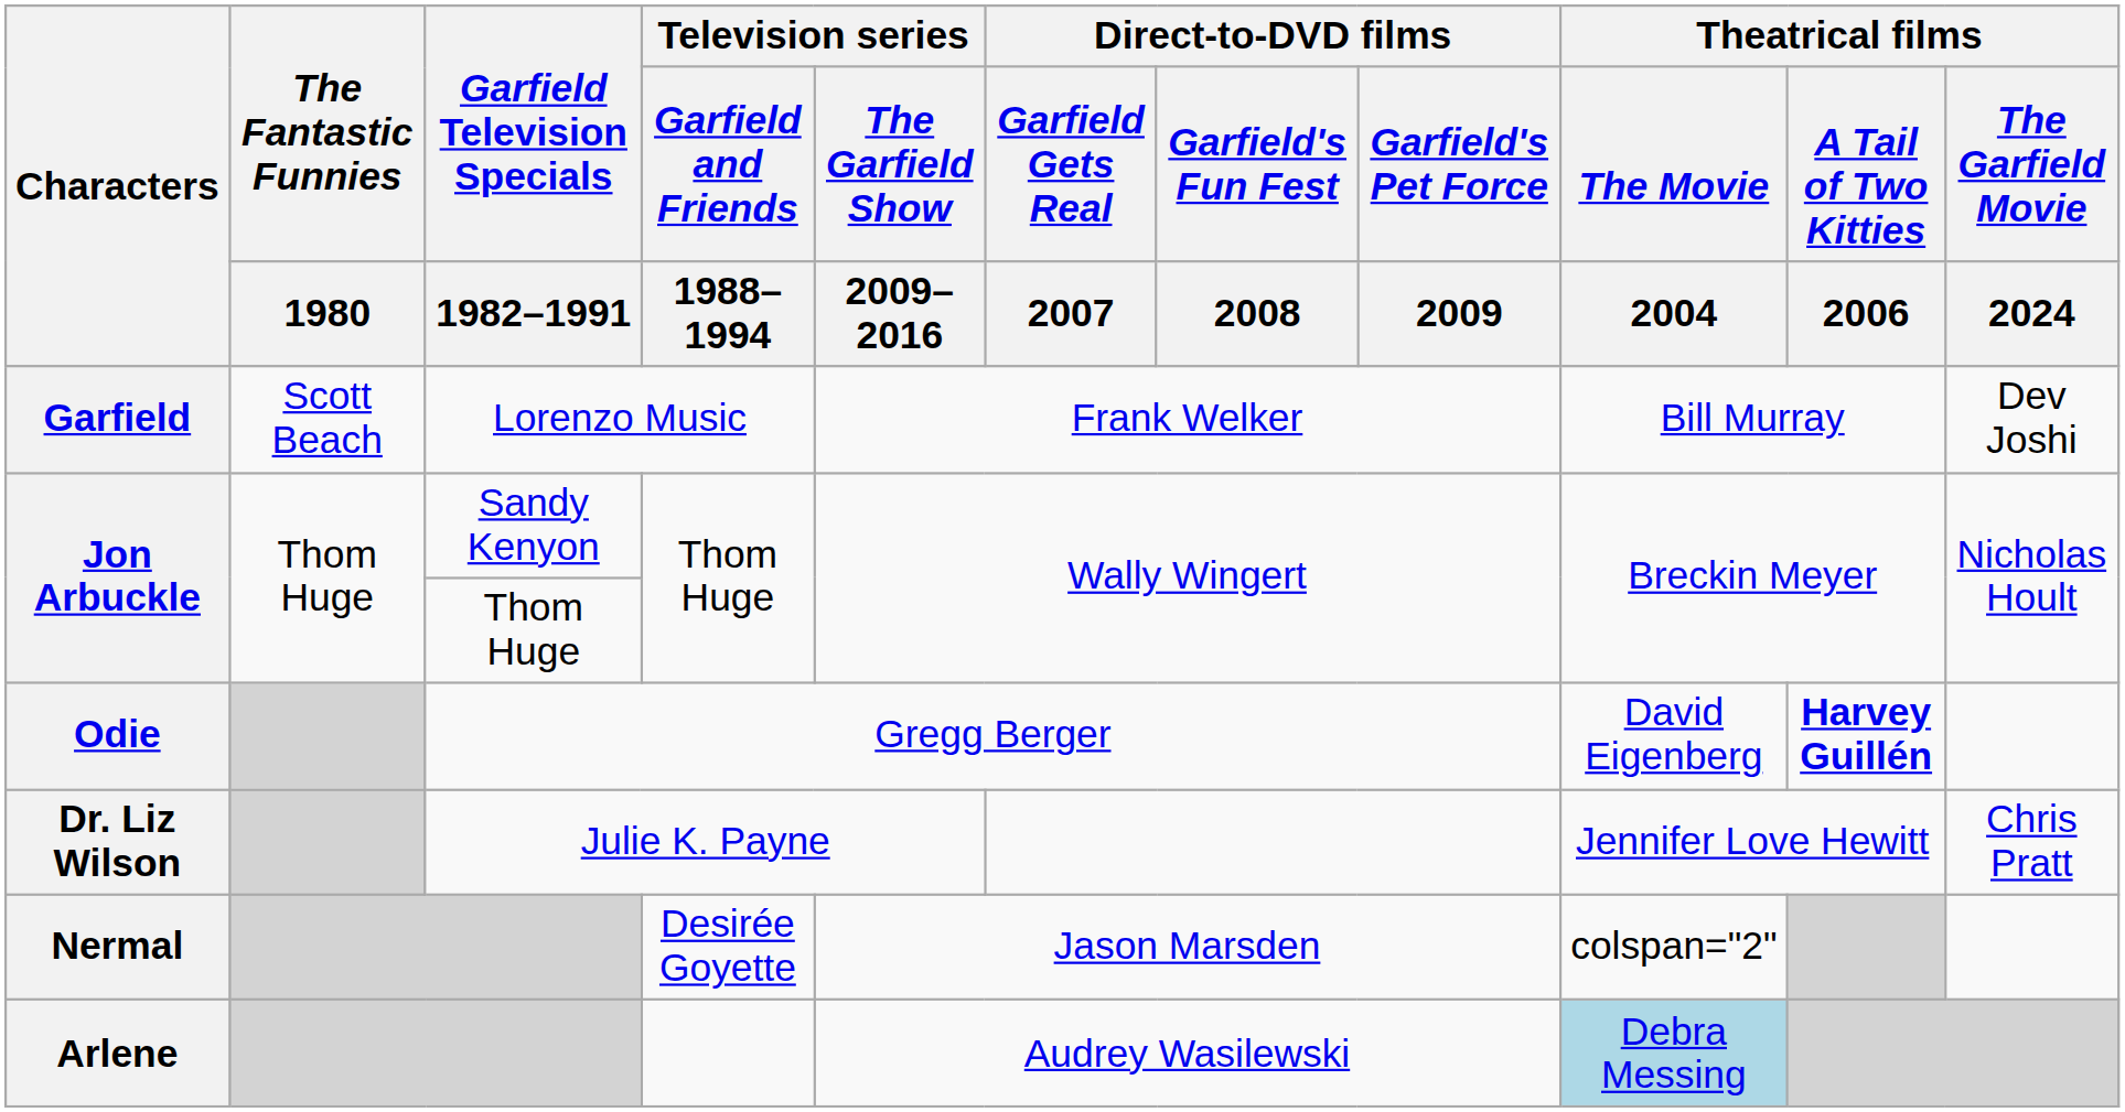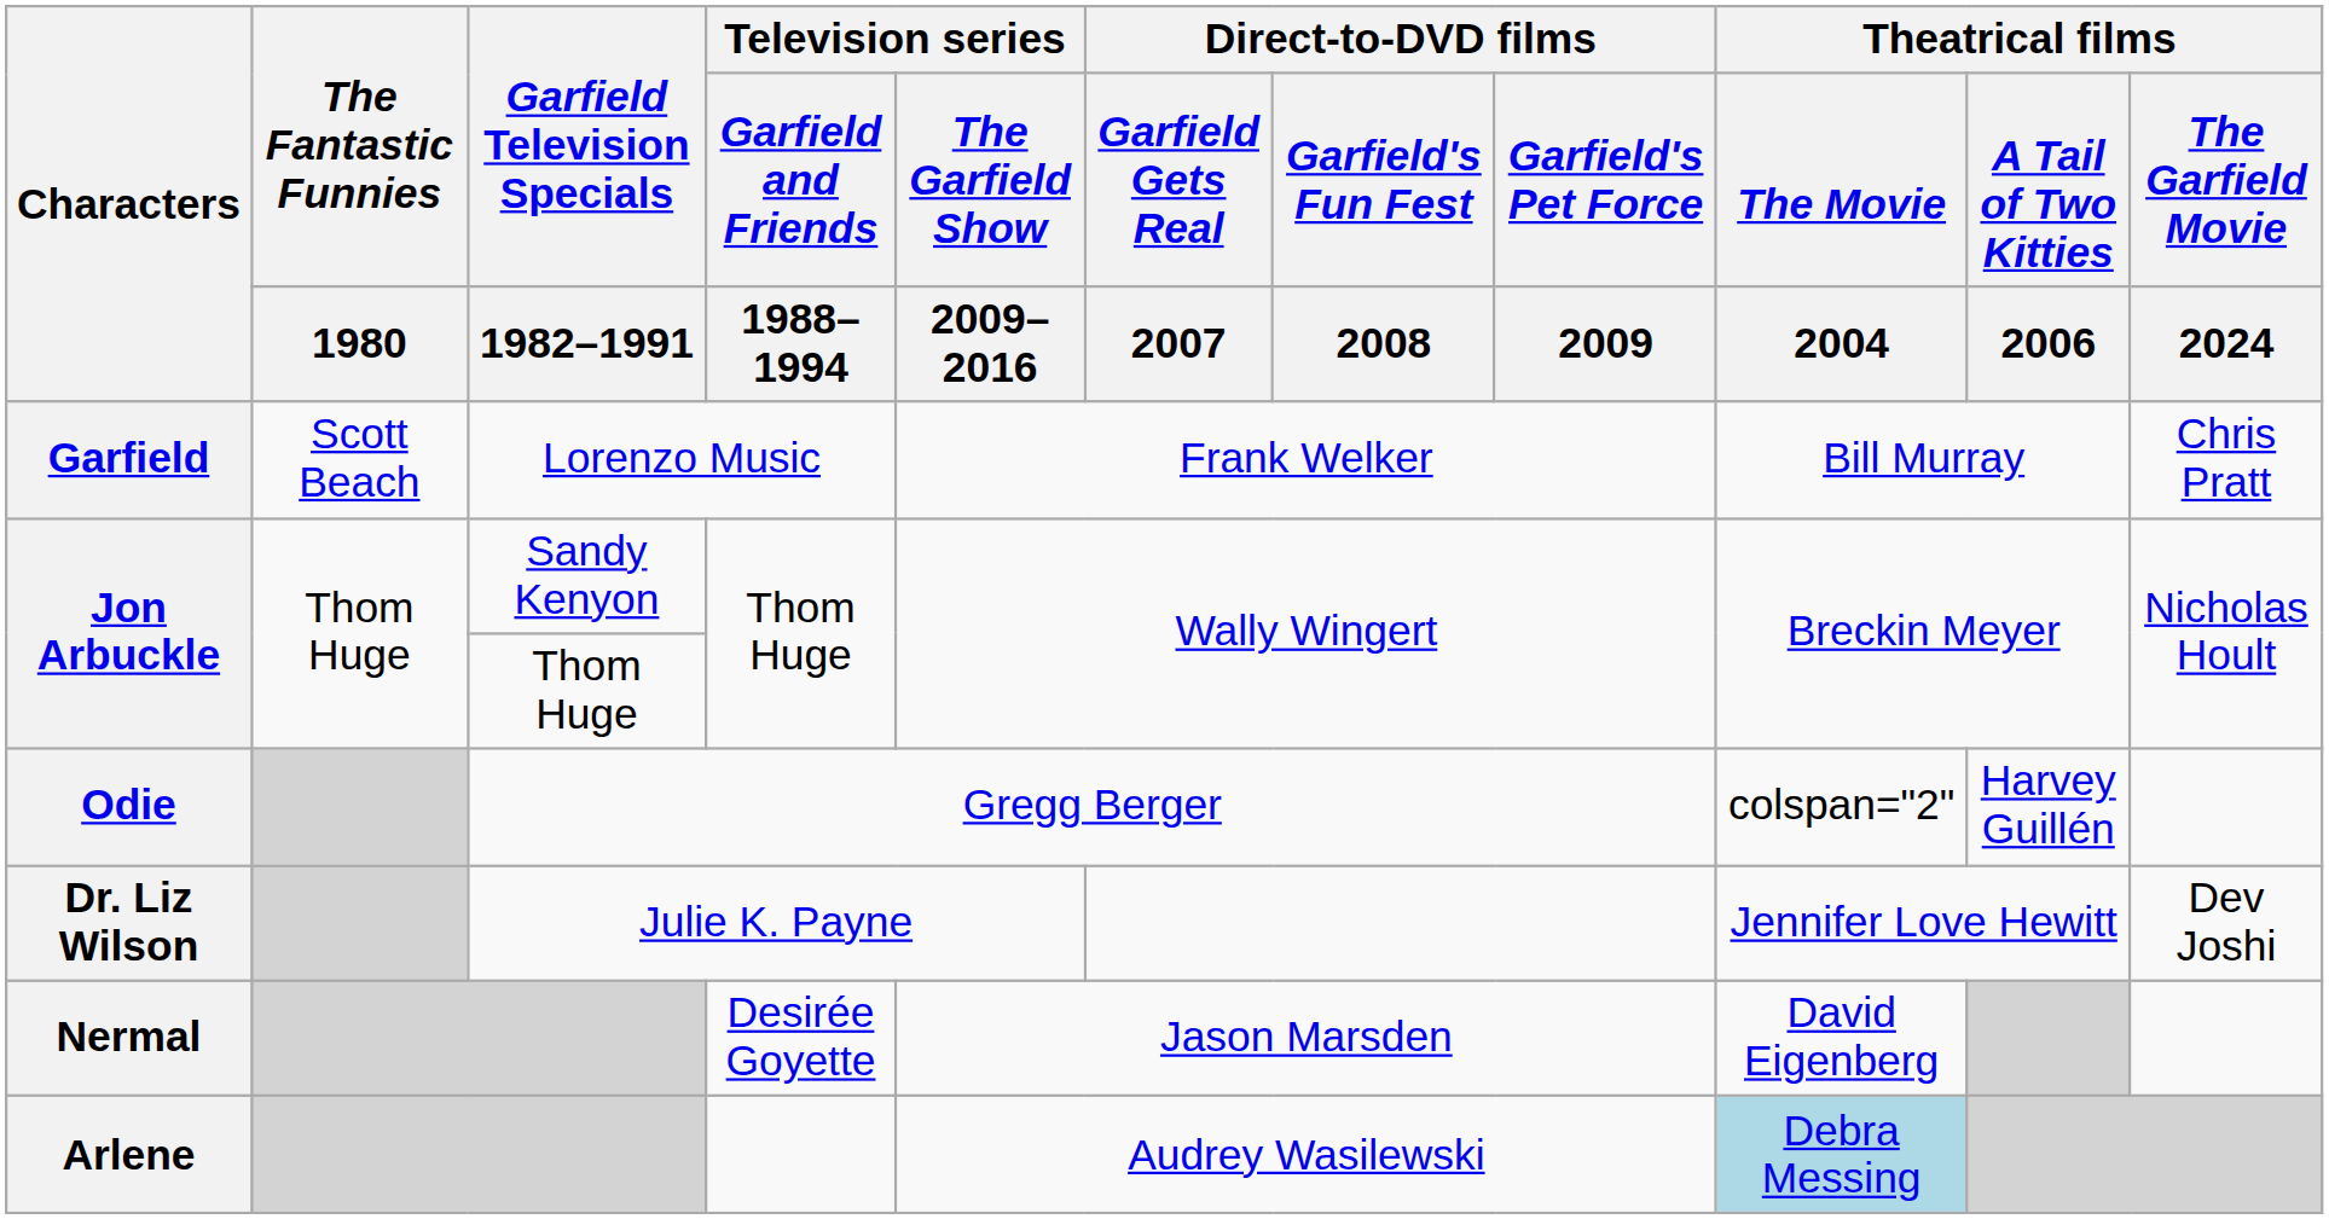 <table class="wikitable" style="text-align:center;">
 <tr>
 <th rowspan="3">Characters</th>
 <th rowspan="2" style="text-align:center;"><em>The Fantastic Funnies</em></th>
 <th rowspan="2" style="text-align:center;"><a href='#'><em>Garfield</em> Television Specials</a></th>
 <th colspan="2" style="text-align:center;">Television series</th>
 <th colspan="3">Direct-to-DVD films</th>
 <th colspan="3" style="text-align:center;">Theatrical films</th>
 </tr>
 <tr>
 <th style="text-align:center;"><em><a href='#'>Garfield and Friends</a></em></th>
 <th style="text-align:center;"><em><a href='#'>The Garfield Show</a></em></th>
 <th><em><a href='#'>Garfield Gets Real</a></em></th>
 <th><em><a href='#'>Garfield's Fun Fest</a></em></th>
 <th><em><a href='#'>Garfield's Pet Force</a></em></th>
 <th style="text-align:center;"><em><a href='#'><br>The Movie</a></em></th>
 <th style="text-align:center;"><em><a href='#'><br>A Tail of Two Kitties</a></em></th>
 <th style="text-align:center;"><em><a href='#'>The Garfield Movie</a></em></th>
 </tr>
 <tr>
 <th>1980</th>
 <th>1982–1991</th>
 <th>1988–1994</th>
 <th>2009–2016</th>
 <th>2007</th>
 <th>2008</th>
 <th>2009</th>
 <th>2004</th>
 <th>2006</th>
 <th>2024</th>
 </tr>
 <tr>
 <th><a href='#'>Garfield</a></th>
 <td><a href='#'>Scott Beach</a></td>
 <td colspan="2"><a href='#'>Lorenzo Music</a></td>
 <td colspan="4"><a href='#'>Frank Welker</a></td>
 <td colspan="2"><a href='#'>Bill Murray</a></td>
-<td>Dev Joshi</td>
+<td><a href='#'>Chris Pratt</a></td>
 </tr>
 <tr>
 <th rowspan="2"><a href='#'>Jon Arbuckle</a></th>
 <td rowspan="2">Thom Huge</td>
 <td><a href='#'>Sandy Kenyon</a></td>
 <td rowspan="2">Thom Huge</td>
 <td colspan="4" rowspan="2"><a href='#'>Wally Wingert</a></td>
 <td rowspan="2" colspan="2"><a href='#'>Breckin Meyer</a></td>
 <td rowspan="2"><a href='#'>Nicholas Hoult</a></td>
 </tr>
 <tr>
 <td>Thom Huge</td>
 </tr>
 <tr>
 <th><a href='#'>Odie</a></th>
 <td style="background:lightgrey;"></td>
 <td colspan="6"><a href='#'>Gregg Berger</a></td>
-<td><a href='#'>David Eigenberg</a></td>
-<td><strong><a href='#'>Harvey Guillén</a></strong></td>
+<td>colspan="2" </td>
+<td><a href='#'>Harvey Guillén</a></td>
 </tr>
 <tr>
 <th>Dr. Liz Wilson</th>
 <td style="background:lightgrey;"></td>
 <td colspan="3"><a href='#'>Julie K. Payne</a></td>
 <td colspan="3"></td>
 <td colspan="2"><a href='#'>Jennifer Love Hewitt</a></td>
-<td><a href='#'>Chris Pratt</a></td>
+<td>Dev Joshi</td>
 </tr>
 <tr>
 <th>Nermal</th>
 <td colspan="2" style="background:lightgrey;"></td>
 <td><a href='#'>Desirée Goyette</a></td>
 <td colspan="4"><a href='#'>Jason Marsden</a></td>
-<td>colspan="2" </td>
+<td><a href='#'>David Eigenberg</a></td>
 <td style="background:lightgrey;"></td>
 <td></td>
 </tr>
 <tr>
 <th>Arlene</th>
 <td colspan="2" style="background:lightgrey;"></td>
 <td></td>
 <td colspan="4"><a href='#'>Audrey Wasilewski</a></td>
 <td style="background: lightblue;"><a href='#'>Debra Messing</a></td>
 <td colspan="2" style="background:lightgrey;"></td>
 </tr>
 </table>
